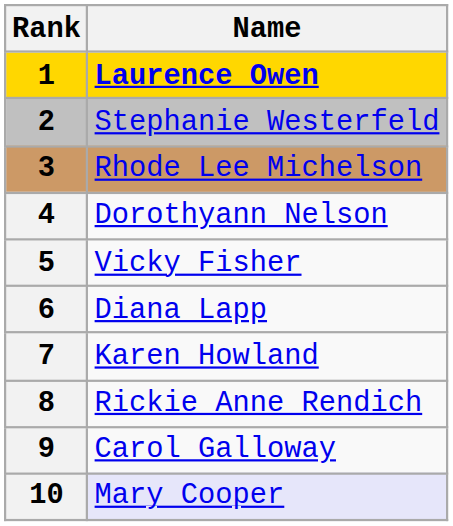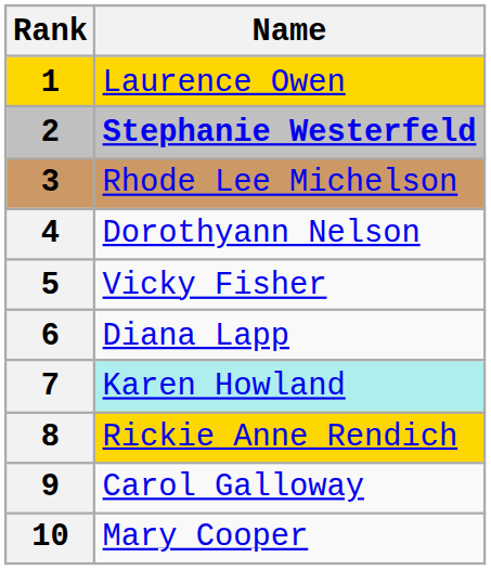 <table class="wikitable">
 <tr>
 <th>Rank</th>
 <th>Name</th>
 </tr>
 <tr bgcolor="gold">
 <td align="center"><strong>1</strong></td>
-<td><strong><a href='#'>Laurence Owen</a></strong></td>
+<td><a href='#'>Laurence Owen</a></td>
 </tr>
 <tr bgcolor="silver">
 <td align="center"><strong>2</strong></td>
-<td><a href='#'>Stephanie Westerfeld</a></td>
+<td><strong><a href='#'>Stephanie Westerfeld</a></strong></td>
 </tr>
 <tr bgcolor="cc9966">
 <td align="center"><strong>3</strong></td>
 <td><a href='#'>Rhode Lee Michelson</a></td>
 </tr>
 <tr>
 <th>4</th>
 <td><a href='#'>Dorothyann Nelson</a></td>
 </tr>
 <tr>
 <th>5</th>
 <td><a href='#'>Vicky Fisher</a></td>
 </tr>
 <tr>
 <th>6</th>
 <td><a href='#'>Diana Lapp</a></td>
 </tr>
 <tr>
 <th>7</th>
-<td><a href='#'>Karen Howland</a></td>
+<td style="background: paleturquoise;"><a href='#'>Karen Howland</a></td>
 </tr>
 <tr>
 <th>8</th>
-<td><a href='#'>Rickie Anne Rendich</a></td>
+<td style="background: gold;"><a href='#'>Rickie Anne Rendich</a></td>
 </tr>
 <tr>
 <th>9</th>
 <td><a href='#'>Carol Galloway</a></td>
 </tr>
 <tr>
 <th>10</th>
-<td style="background: lavender;"><a href='#'>Mary Cooper</a></td>
+<td><a href='#'>Mary Cooper</a></td>
 </tr>
 </table>
